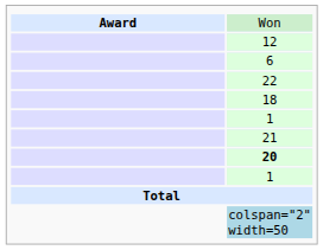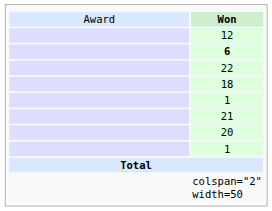 <table class="infobox" style="width: 25em; text-align: left; font-size: 90%; vertical-align: middle;">
 <tr>
 <td colspan="3" style="text-align:center;"></td>
 </tr>
 <tr bgcolor=#D9E8FF>
-<td style="text-align:center;"><strong>Award</strong></td>
-<td style="text-align:center;background: #cceecc;text-size:0.9em" width=50>Won</td>
+<td style="text-align:center;">Award</td>
+<td style="text-align:center;background: #cceecc;text-size:0.9em" width=50><strong>Won</strong></td>
 </tr>
 <tr bgcolor=#ddddff>
 <td align="center"><br></td>
 <td style="text-align:center;background: #ddffdd;vertical-align: middle;">12</td>
 </tr>
 <tr bgcolor=#ddddff>
 <td align="center"><br></td>
-<td style="text-align:center;background: #ddffdd;vertical-align: middle;">6</td>
+<td style="text-align:center;background: #ddffdd;vertical-align: middle;"><strong>6</strong></td>
 </tr>
 <tr bgcolor=#ddddff>
 <td align="center"><br></td>
 <td style="text-align:center;background: #ddffdd;vertical-align: middle;">22</td>
 </tr>
 <tr bgcolor=#ddddff>
 <td align="center"><br></td>
 <td style="text-align:center;background: #ddffdd;vertical-align: middle;">18</td>
 </tr>
 <tr bgcolor=#ddddff>
 <td align="center"><br></td>
 <td style="text-align:center;background: #ddffdd;vertical-align: middle;">1</td>
 </tr>
 <tr bgcolor=#ddddff>
 <td align="center"><br></td>
 <td style="text-align:center;background: #ddffdd;vertical-align: middle;">21</td>
 </tr>
 <tr bgcolor=#ddddff>
 <td align="center"><br></td>
-<td style="text-align:center;background: #ddffdd;vertical-align: middle;"><strong>20</strong></td>
+<td style="text-align:center;background: #ddffdd;vertical-align: middle;">20</td>
 </tr>
 <tr bgcolor=#ddddff>
 <td align="center"><br></td>
 <td style="text-align:center;background: #ddffdd;vertical-align: middle;">1</td>
 </tr>
 <tr bgcolor=#D9E8FF>
 <td colspan="3" style="text-align:center;"><strong>Total</strong></td>
 </tr>
 <tr>
 <td></td>
-<td style="background: lightblue;">colspan="2" width=50 </td>
+<td>colspan="2" width=50 </td>
 </tr>
 </table>
